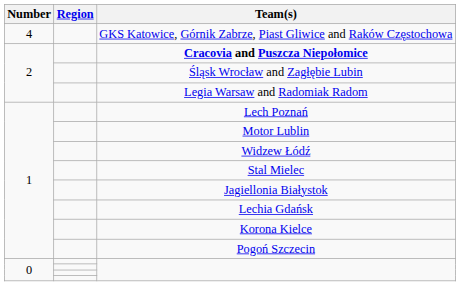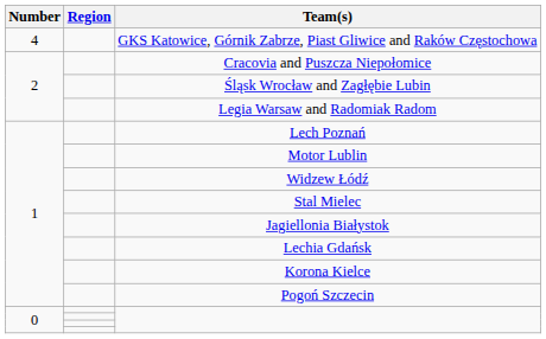 <table class="wikitable" style="text-align:center">
 <tr>
 <th>Number</th>
 <th><a href='#'>Region</a></th>
 <th>Team(s)</th>
 </tr>
 <tr>
 <td rowspan="1">4</td>
 <td style="text-align:left"></td>
 <td><a href='#'>GKS Katowice</a>, <a href='#'>Górnik Zabrze</a>, <a href='#'>Piast Gliwice</a> and <a href='#'>Raków Częstochowa</a></td>
 </tr>
 <tr>
 <td rowspan="3">2</td>
 <td style="text-align:left"></td>
-<td><strong><a href='#'>Cracovia</a> and <a href='#'>Puszcza Niepołomice</a></strong></td>
+<td><a href='#'>Cracovia</a> and <a href='#'>Puszcza Niepołomice</a></td>
 </tr>
 <tr>
 <td style="text-align:left"></td>
 <td><a href='#'>Śląsk Wrocław</a> and <a href='#'>Zagłębie Lubin</a></td>
 </tr>
 <tr>
 <td style="text-align:left"></td>
 <td><a href='#'>Legia Warsaw</a> and <a href='#'>Radomiak Radom</a></td>
 </tr>
 <tr>
 <td rowspan="8">1</td>
 <td style="text-align:left"></td>
 <td><a href='#'>Lech Poznań</a></td>
 </tr>
 <tr>
 <td style="text-align:left"></td>
 <td><a href='#'>Motor Lublin</a></td>
 </tr>
 <tr>
 <td style="text-align:left"></td>
 <td><a href='#'>Widzew Łódź</a></td>
 </tr>
 <tr>
 <td style="text-align:left"></td>
 <td><a href='#'>Stal Mielec</a></td>
 </tr>
 <tr>
 <td style="text-align:left"></td>
 <td><a href='#'>Jagiellonia Białystok</a></td>
 </tr>
 <tr>
 <td style="text-align:left"></td>
 <td><a href='#'>Lechia Gdańsk</a></td>
 </tr>
 <tr>
 <td style="text-align:left"></td>
 <td><a href='#'>Korona Kielce</a></td>
 </tr>
 <tr>
 <td style="text-align:left"></td>
 <td><a href='#'>Pogoń Szczecin</a></td>
 </tr>
 <tr>
 <td rowspan="4">0</td>
 <td style="text-align:left"></td>
 </tr>
 <tr>
 <td style="text-align:left"></td>
 </tr>
 <tr>
 <td style="text-align:left"></td>
 </tr>
 <tr>
 <td style="text-align:left"></td>
 </tr>
 </table>
